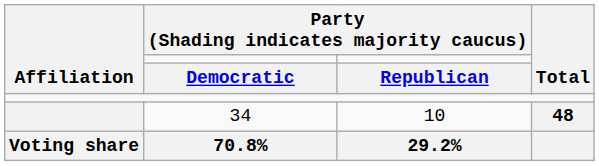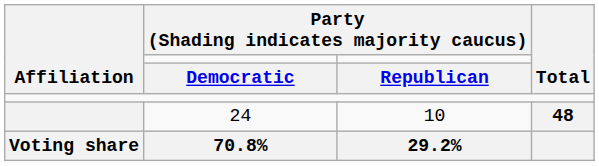 <table class=wikitable style="text-align:center">
 <tr style="vertical-align:bottom;">
 <th rowspan=3>Affiliation</th>
 <th colspan=2>Party <div>(Shading indicates majority caucus)</div></th>
 <th rowspan=3>Total</th>
 </tr>
 <tr style="height:5px">
 <td style="background-color:"></td>
 <td style="background-color:"></td>
 </tr>
 <tr>
 <th><a href='#'>Democratic</a></th>
 <th><a href='#'>Republican</a></th>
 </tr>
 <tr>
 <td colspan=5></td>
 </tr>
 <tr>
 <th nowrap style="font-size:80%"></th>
-<td>34</td>
+<td>24</td>
 <td>10</td>
 <th>48</th>
 </tr>
 <tr>
 <th>Voting share</th>
 <th>70.8%</th>
 <th>29.2%</th>
 <th colspan=2></th>
 </tr>
 </table>
